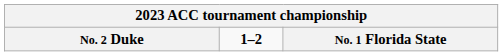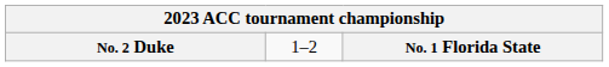 <table class="wikitable">
 <tr>
 <th style="width: 535px;" colspan=3>2023 ACC tournament championship</th>
 </tr>
 <tr>
 <th style="width: 219px; "><small>No. 2</small> Duke</th>
-<td style="width: 60px; text-align:center"><strong>1–2</strong></td>
+<td style="width: 60px; text-align:center">1–2</td>
 <th style="width: 219px; "><small>No. 1</small> Florida State</th>
 </tr>
 </table>
